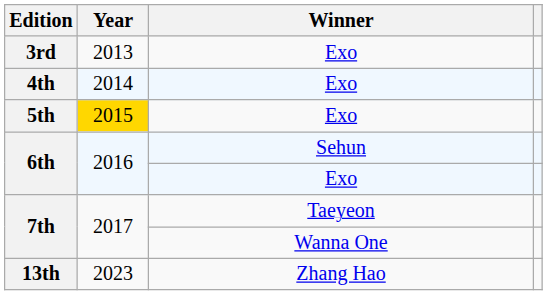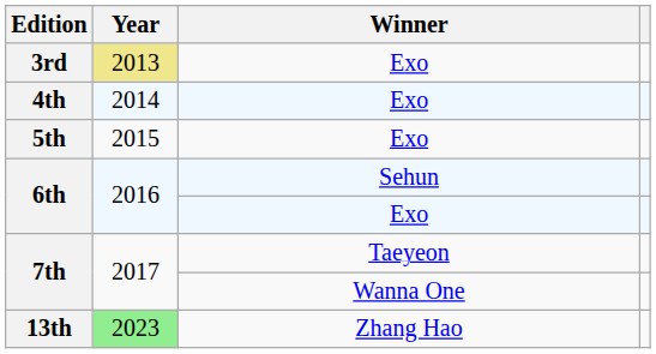 <table class="wikitable plainrowheaders" style="text-align: center">
 <tr>
 <th scope="col" width="50">Edition</th>
 <th scope="col" width="50">Year</th>
 <th scope="col" width="300">Winner</th>
 <th scope="col"></th>
 </tr>
 <tr>
 <th scope="row" style="text-align:center">3rd</th>
-<td>2013</td>
+<td style="background: khaki;">2013</td>
 <td><a href='#'>Exo</a></td>
 <td></td>
 </tr>
 <tr style="background:#F0F8FF">
 <th scope="row" style="text-align:center">4th</th>
 <td>2014</td>
 <td><a href='#'>Exo</a></td>
 <td></td>
 </tr>
 <tr>
 <th scope="row" style="text-align:center">5th</th>
-<td style="background: gold;">2015</td>
+<td>2015</td>
 <td><a href='#'>Exo</a></td>
 <td></td>
 </tr>
 <tr style="background:#F0F8FF">
 <th scope="row" style="text-align:center" rowspan="2">6th</th>
 <td rowspan="2">2016</td>
 <td><a href='#'>Sehun</a></td>
 <td></td>
 </tr>
 <tr style="background:#F0F8FF">
 <td><a href='#'>Exo</a></td>
 <td></td>
 </tr>
 <tr>
 <th scope="row" style="text-align:center" rowspan="2">7th</th>
 <td rowspan="2">2017</td>
 <td><a href='#'>Taeyeon</a></td>
 <td></td>
 </tr>
 <tr>
 <td><a href='#'>Wanna One</a></td>
 <td></td>
 </tr>
 <tr>
 <th scope="row" style="text-align:center">13th</th>
-<td>2023</td>
+<td style="background: lightgreen;">2023</td>
 <td><a href='#'>Zhang Hao</a></td>
 <td></td>
 </tr>
 </table>
